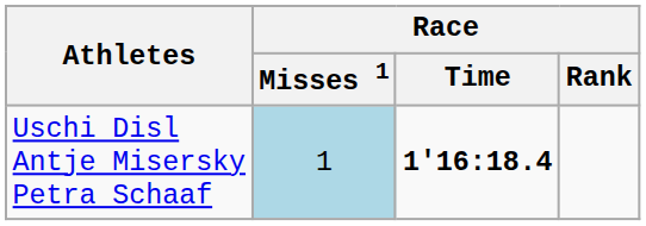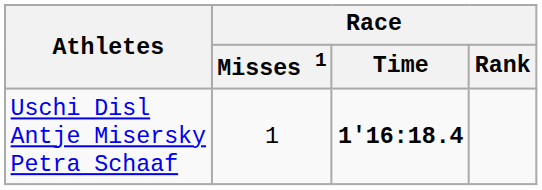 <table class="wikitable" border="1" style="font-size:90%">
 <tr>
 <th rowspan=2>Athletes</th>
 <th colspan=3>Race</th>
 </tr>
 <tr>
 <th>Misses <sup>1</sup></th>
 <th>Time</th>
 <th>Rank</th>
 </tr>
 <tr>
 <td><a href='#'>Uschi Disl</a><br><a href='#'>Antje Misersky</a><br><a href='#'>Petra Schaaf</a></td>
-<td align=center style="background: lightblue;">1</td>
+<td align=center>1</td>
 <td align=center><strong>1'16:18.4</strong></td>
 <td align=center></td>
 </tr>
 </table>
